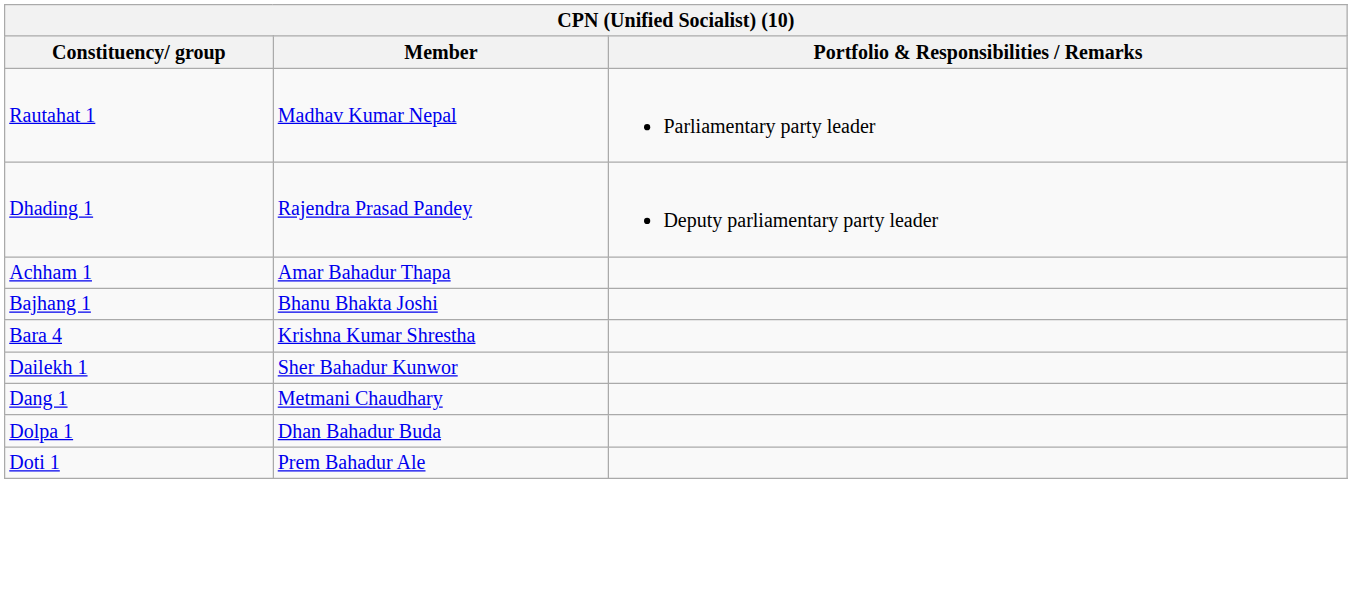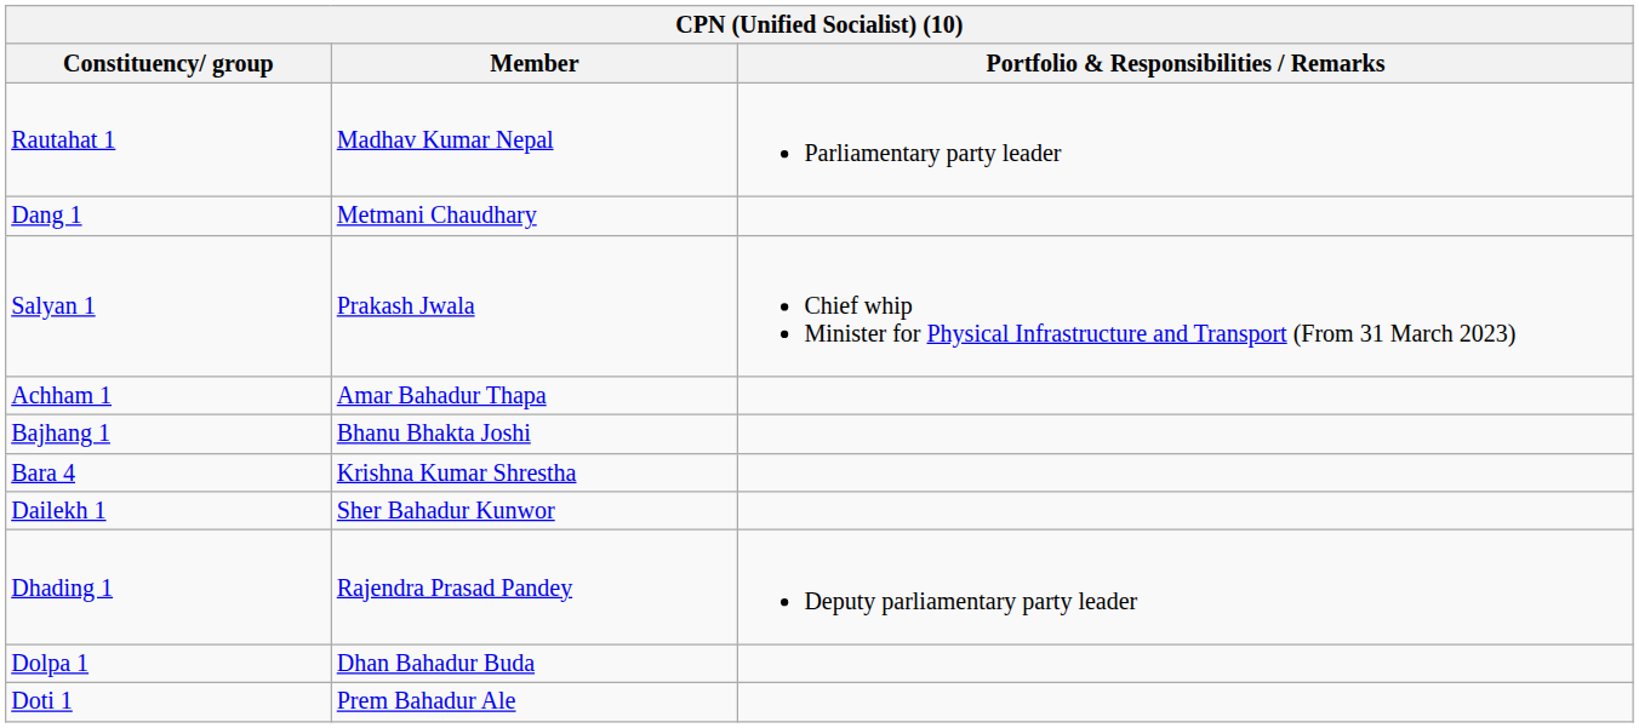 <table class="wikitable sortable mw-collapsible mw-collapsed">
 <tr>
 <th colspan="3" style="width: 800pt; background:">CPN (Unified Socialist) (10)</th>
 </tr>
 <tr>
 <th style="width:20%;">Constituency/ group</th>
 <th style="width:25%;">Member</th>
 <th>Portfolio & Responsibilities / Remarks</th>
 </tr>
 <tr>
 <td><a href='#'>Rautahat 1</a></td>
 <td><a href='#'>Madhav Kumar Nepal</a></td>
 <td><br><ul><li>Parliamentary party leader</li></ul></td>
 </tr>
 <tr>
-<td><a href='#'>Dhading 1</a></td>
-<td><a href='#'>Rajendra Prasad Pandey</a></td>
-<td><br><ul><li>Deputy parliamentary party leader</li></ul></td>
+<td><a href='#'>Dang 1</a></td>
+<td><a href='#'>Metmani Chaudhary</a></td>
+<td></td>
+</tr>
+<tr>
+<td><a href='#'>Salyan 1</a></td>
+<td><a href='#'>Prakash Jwala</a></td>
+<td><br><ul><li>Chief whip</li><li>Minister for <a href='#'>Physical Infrastructure and Transport</a> (From 31 March 2023)</li></ul></td>
 </tr>
 <tr>
 <td><a href='#'>Achham 1</a></td>
 <td><a href='#'>Amar Bahadur Thapa</a></td>
 <td></td>
 </tr>
 <tr>
 <td><a href='#'>Bajhang 1</a></td>
 <td><a href='#'>Bhanu Bhakta Joshi</a></td>
 <td></td>
 </tr>
 <tr>
 <td><a href='#'>Bara 4</a></td>
 <td><a href='#'>Krishna Kumar Shrestha</a></td>
 <td></td>
 </tr>
 <tr>
 <td><a href='#'>Dailekh 1</a></td>
 <td><a href='#'>Sher Bahadur Kunwor</a></td>
 <td></td>
 </tr>
 <tr>
-<td><a href='#'>Dang 1</a></td>
-<td><a href='#'>Metmani Chaudhary</a></td>
-<td></td>
+<td><a href='#'>Dhading 1</a></td>
+<td><a href='#'>Rajendra Prasad Pandey</a></td>
+<td><br><ul><li>Deputy parliamentary party leader</li></ul></td>
 </tr>
 <tr>
 <td><a href='#'>Dolpa 1</a></td>
 <td><a href='#'>Dhan Bahadur Buda</a></td>
 <td></td>
 </tr>
 <tr>
 <td><a href='#'>Doti 1</a></td>
 <td><a href='#'>Prem Bahadur Ale</a></td>
 <td></td>
 </tr>
 </table>
